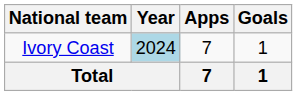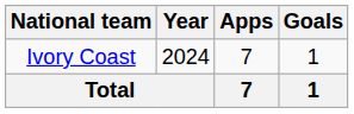 <table class="wikitable" style="text-align:center">
 <tr>
 <th>National team</th>
 <th>Year</th>
 <th>Apps</th>
 <th>Goals</th>
 </tr>
 <tr>
 <td><a href='#'>Ivory Coast</a></td>
-<td style="background: lightblue;">2024</td>
+<td>2024</td>
 <td>7</td>
 <td>1</td>
 </tr>
 <tr>
 <th colspan="2">Total</th>
 <th>7</th>
 <th>1</th>
 </tr>
 </table>
